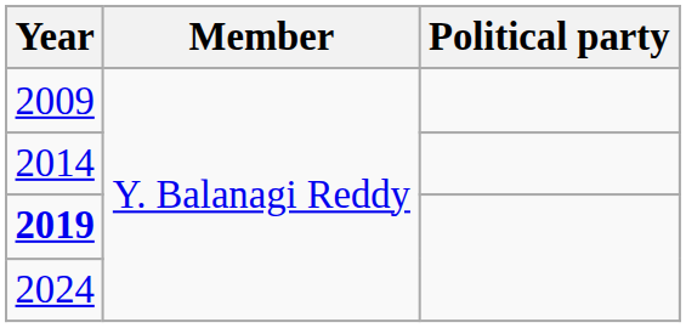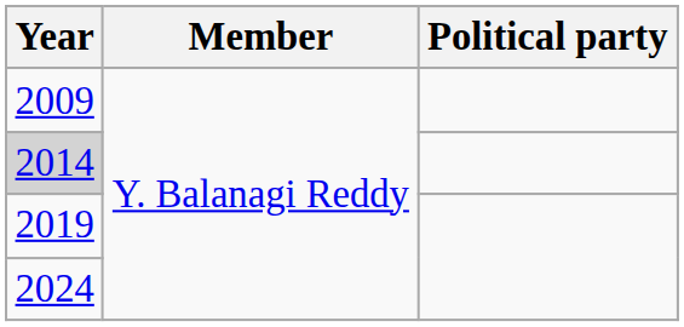 <table class="wikitable sortable">
 <tr>
 <th>Year</th>
 <th>Member</th>
 <th colspan="2">Political party</th>
 </tr>
 <tr>
 <td><a href='#'>2009</a></td>
 <td rowspan=4><a href='#'>Y. Balanagi Reddy</a></td>
 <td></td>
 </tr>
 <tr>
-<td><a href='#'>2014</a></td>
+<td style="background: lightgrey;"><a href='#'>2014</a></td>
 <td></td>
 </tr>
 <tr>
-<td><strong><a href='#'>2019</a></strong></td>
+<td><a href='#'>2019</a></td>
 </tr>
 <tr>
 <td><a href='#'>2024</a></td>
 </tr>
 </table>
